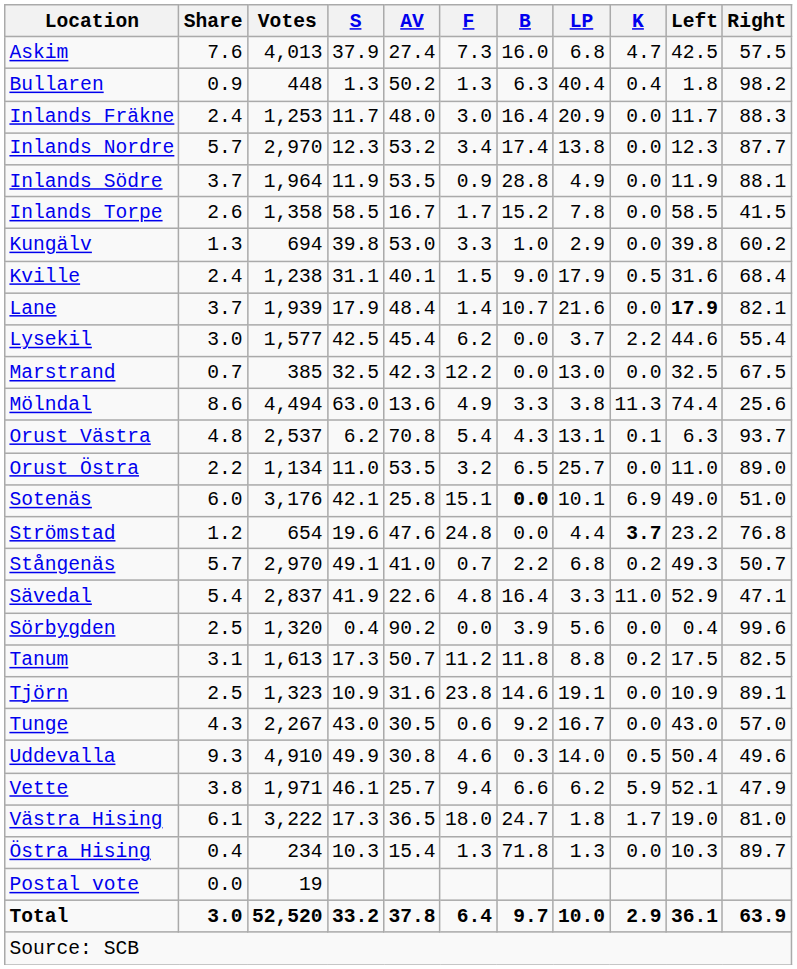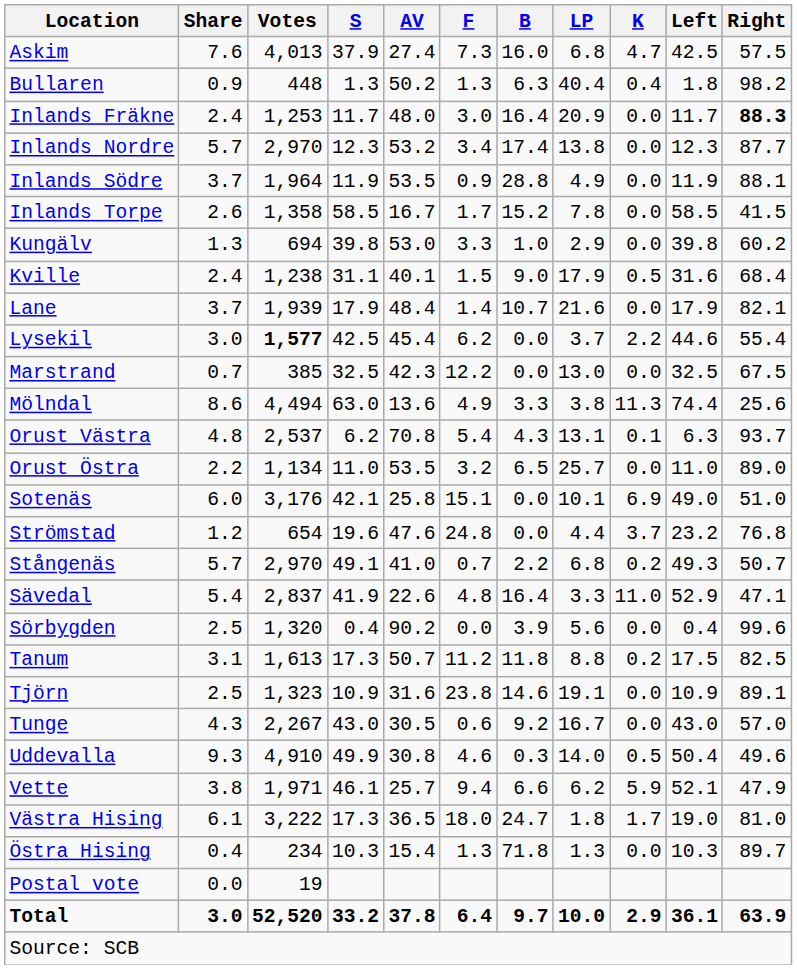 <table class="wikitable sortable" style=text-align:right>
 <tr>
 <th>Location</th>
 <th>Share</th>
 <th>Votes</th>
 <th><a href='#'>S</a></th>
 <th><a href='#'>AV</a></th>
 <th><a href='#'>F</a></th>
 <th><a href='#'>B</a></th>
 <th><a href='#'>LP</a></th>
 <th><a href='#'>K</a></th>
 <th>Left</th>
 <th>Right</th>
 </tr>
 <tr>
 <td align=left><a href='#'>Askim</a></td>
 <td>7.6</td>
 <td>4,013</td>
 <td>37.9</td>
 <td>27.4</td>
 <td>7.3</td>
 <td>16.0</td>
 <td>6.8</td>
 <td>4.7</td>
 <td>42.5</td>
 <td>57.5</td>
 </tr>
 <tr>
 <td align=left><a href='#'>Bullaren</a></td>
 <td>0.9</td>
 <td>448</td>
 <td>1.3</td>
 <td>50.2</td>
 <td>1.3</td>
 <td>6.3</td>
 <td>40.4</td>
 <td>0.4</td>
 <td>1.8</td>
 <td>98.2</td>
 </tr>
 <tr>
 <td align=left><a href='#'>Inlands Fräkne</a></td>
 <td>2.4</td>
 <td>1,253</td>
 <td>11.7</td>
 <td>48.0</td>
 <td>3.0</td>
 <td>16.4</td>
 <td>20.9</td>
 <td>0.0</td>
 <td>11.7</td>
-<td>88.3</td>
+<td><strong>88.3</strong></td>
 </tr>
 <tr>
 <td align=left><a href='#'>Inlands Nordre</a></td>
 <td>5.7</td>
 <td>2,970</td>
 <td>12.3</td>
 <td>53.2</td>
 <td>3.4</td>
 <td>17.4</td>
 <td>13.8</td>
 <td>0.0</td>
 <td>12.3</td>
 <td>87.7</td>
 </tr>
 <tr>
 <td align=left><a href='#'>Inlands Södre</a></td>
 <td>3.7</td>
 <td>1,964</td>
 <td>11.9</td>
 <td>53.5</td>
 <td>0.9</td>
 <td>28.8</td>
 <td>4.9</td>
 <td>0.0</td>
 <td>11.9</td>
 <td>88.1</td>
 </tr>
 <tr>
 <td align=left><a href='#'>Inlands Torpe</a></td>
 <td>2.6</td>
 <td>1,358</td>
 <td>58.5</td>
 <td>16.7</td>
 <td>1.7</td>
 <td>15.2</td>
 <td>7.8</td>
 <td>0.0</td>
 <td>58.5</td>
 <td>41.5</td>
 </tr>
 <tr>
 <td align=left><a href='#'>Kungälv</a></td>
 <td>1.3</td>
 <td>694</td>
 <td>39.8</td>
 <td>53.0</td>
 <td>3.3</td>
 <td>1.0</td>
 <td>2.9</td>
 <td>0.0</td>
 <td>39.8</td>
 <td>60.2</td>
 </tr>
 <tr>
 <td align=left><a href='#'>Kville</a></td>
 <td>2.4</td>
 <td>1,238</td>
 <td>31.1</td>
 <td>40.1</td>
 <td>1.5</td>
 <td>9.0</td>
 <td>17.9</td>
 <td>0.5</td>
 <td>31.6</td>
 <td>68.4</td>
 </tr>
 <tr>
 <td align=left><a href='#'>Lane</a></td>
 <td>3.7</td>
 <td>1,939</td>
 <td>17.9</td>
 <td>48.4</td>
 <td>1.4</td>
 <td>10.7</td>
 <td>21.6</td>
 <td>0.0</td>
-<td><strong>17.9</strong></td>
+<td>17.9</td>
 <td>82.1</td>
 </tr>
 <tr>
 <td align=left><a href='#'>Lysekil</a></td>
 <td>3.0</td>
-<td>1,577</td>
+<td><strong>1,577</strong></td>
 <td>42.5</td>
 <td>45.4</td>
 <td>6.2</td>
 <td>0.0</td>
 <td>3.7</td>
 <td>2.2</td>
 <td>44.6</td>
 <td>55.4</td>
 </tr>
 <tr>
 <td align=left><a href='#'>Marstrand</a></td>
 <td>0.7</td>
 <td>385</td>
 <td>32.5</td>
 <td>42.3</td>
 <td>12.2</td>
 <td>0.0</td>
 <td>13.0</td>
 <td>0.0</td>
 <td>32.5</td>
 <td>67.5</td>
 </tr>
 <tr>
 <td align=left><a href='#'>Mölndal</a></td>
 <td>8.6</td>
 <td>4,494</td>
 <td>63.0</td>
 <td>13.6</td>
 <td>4.9</td>
 <td>3.3</td>
 <td>3.8</td>
 <td>11.3</td>
 <td>74.4</td>
 <td>25.6</td>
 </tr>
 <tr>
 <td align=left><a href='#'>Orust Västra</a></td>
 <td>4.8</td>
 <td>2,537</td>
 <td>6.2</td>
 <td>70.8</td>
 <td>5.4</td>
 <td>4.3</td>
 <td>13.1</td>
 <td>0.1</td>
 <td>6.3</td>
 <td>93.7</td>
 </tr>
 <tr>
 <td align=left><a href='#'>Orust Östra</a></td>
 <td>2.2</td>
 <td>1,134</td>
 <td>11.0</td>
 <td>53.5</td>
 <td>3.2</td>
 <td>6.5</td>
 <td>25.7</td>
 <td>0.0</td>
 <td>11.0</td>
 <td>89.0</td>
 </tr>
 <tr>
 <td align=left><a href='#'>Sotenäs</a></td>
 <td>6.0</td>
 <td>3,176</td>
 <td>42.1</td>
 <td>25.8</td>
 <td>15.1</td>
-<td><strong>0.0</strong></td>
+<td>0.0</td>
 <td>10.1</td>
 <td>6.9</td>
 <td>49.0</td>
 <td>51.0</td>
 </tr>
 <tr>
 <td align=left><a href='#'>Strömstad</a></td>
 <td>1.2</td>
 <td>654</td>
 <td>19.6</td>
 <td>47.6</td>
 <td>24.8</td>
 <td>0.0</td>
 <td>4.4</td>
-<td><strong>3.7</strong></td>
+<td>3.7</td>
 <td>23.2</td>
 <td>76.8</td>
 </tr>
 <tr>
 <td align=left><a href='#'>Stångenäs</a></td>
 <td>5.7</td>
 <td>2,970</td>
 <td>49.1</td>
 <td>41.0</td>
 <td>0.7</td>
 <td>2.2</td>
 <td>6.8</td>
 <td>0.2</td>
 <td>49.3</td>
 <td>50.7</td>
 </tr>
 <tr>
 <td align=left><a href='#'>Sävedal</a></td>
 <td>5.4</td>
 <td>2,837</td>
 <td>41.9</td>
 <td>22.6</td>
 <td>4.8</td>
 <td>16.4</td>
 <td>3.3</td>
 <td>11.0</td>
 <td>52.9</td>
 <td>47.1</td>
 </tr>
 <tr>
 <td align=left><a href='#'>Sörbygden</a></td>
 <td>2.5</td>
 <td>1,320</td>
 <td>0.4</td>
 <td>90.2</td>
 <td>0.0</td>
 <td>3.9</td>
 <td>5.6</td>
 <td>0.0</td>
 <td>0.4</td>
 <td>99.6</td>
 </tr>
 <tr>
 <td align=left><a href='#'>Tanum</a></td>
 <td>3.1</td>
 <td>1,613</td>
 <td>17.3</td>
 <td>50.7</td>
 <td>11.2</td>
 <td>11.8</td>
 <td>8.8</td>
 <td>0.2</td>
 <td>17.5</td>
 <td>82.5</td>
 </tr>
 <tr>
 <td align=left><a href='#'>Tjörn</a></td>
 <td>2.5</td>
 <td>1,323</td>
 <td>10.9</td>
 <td>31.6</td>
 <td>23.8</td>
 <td>14.6</td>
 <td>19.1</td>
 <td>0.0</td>
 <td>10.9</td>
 <td>89.1</td>
 </tr>
 <tr>
 <td align=left><a href='#'>Tunge</a></td>
 <td>4.3</td>
 <td>2,267</td>
 <td>43.0</td>
 <td>30.5</td>
 <td>0.6</td>
 <td>9.2</td>
 <td>16.7</td>
 <td>0.0</td>
 <td>43.0</td>
 <td>57.0</td>
 </tr>
 <tr>
 <td align=left><a href='#'>Uddevalla</a></td>
 <td>9.3</td>
 <td>4,910</td>
 <td>49.9</td>
 <td>30.8</td>
 <td>4.6</td>
 <td>0.3</td>
 <td>14.0</td>
 <td>0.5</td>
 <td>50.4</td>
 <td>49.6</td>
 </tr>
 <tr>
 <td align=left><a href='#'>Vette</a></td>
 <td>3.8</td>
 <td>1,971</td>
 <td>46.1</td>
 <td>25.7</td>
 <td>9.4</td>
 <td>6.6</td>
 <td>6.2</td>
 <td>5.9</td>
 <td>52.1</td>
 <td>47.9</td>
 </tr>
 <tr>
 <td align=left><a href='#'>Västra Hising</a></td>
 <td>6.1</td>
 <td>3,222</td>
 <td>17.3</td>
 <td>36.5</td>
 <td>18.0</td>
 <td>24.7</td>
 <td>1.8</td>
 <td>1.7</td>
 <td>19.0</td>
 <td>81.0</td>
 </tr>
 <tr>
 <td align=left><a href='#'>Östra Hising</a></td>
 <td>0.4</td>
 <td>234</td>
 <td>10.3</td>
 <td>15.4</td>
 <td>1.3</td>
 <td>71.8</td>
 <td>1.3</td>
 <td>0.0</td>
 <td>10.3</td>
 <td>89.7</td>
 </tr>
 <tr>
 <td align=left><a href='#'>Postal vote</a></td>
 <td>0.0</td>
 <td>19</td>
 <td></td>
 <td></td>
 <td></td>
 <td></td>
 <td></td>
 <td></td>
 <td></td>
 <td></td>
 </tr>
 <tr>
 <td align=left><strong>Total</strong></td>
 <td><strong>3.0</strong></td>
 <td><strong>52,520</strong></td>
 <td><strong>33.2</strong></td>
 <td><strong>37.8</strong></td>
 <td><strong>6.4</strong></td>
 <td><strong>9.7</strong></td>
 <td><strong>10.0</strong></td>
 <td><strong>2.9</strong></td>
 <td><strong>36.1</strong></td>
 <td><strong>63.9</strong></td>
 </tr>
 <tr>
 <td align=left colspan=11>Source: SCB </td>
 </tr>
 </table>
